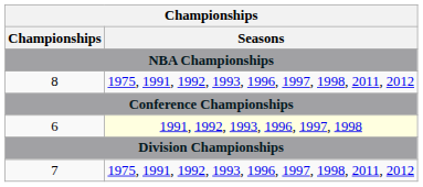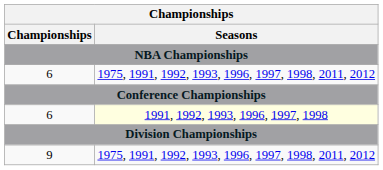 <table class="wikitable" style="text-align:center">
 <tr>
 <th colspan="2">Championships</th>
 </tr>
 <tr>
 <th>Championships</th>
 <th>Seasons</th>
 </tr>
 <tr>
 <th colspan="2" style="text-align:center; background:#A1A1A4; color:#061922;">NBA Championships</th>
 </tr>
 <tr>
-<td>8</td>
+<td>6</td>
 <td><a href='#'>1975</a>, <a href='#'>1991</a>, <a href='#'>1992</a>, <a href='#'>1993</a>, <a href='#'>1996</a>, <a href='#'>1997</a>, <a href='#'>1998</a>, <a href='#'>2011</a>, <a href='#'>2012</a></td>
 </tr>
 <tr>
 <th colspan="2" style="text-align:center; background:#A1A1A4; color:#061922;">Conference Championships</th>
 </tr>
 <tr>
 <td>6</td>
 <td style="background: lightyellow;"><a href='#'>1991</a>, <a href='#'>1992</a>, <a href='#'>1993</a>, <a href='#'>1996</a>, <a href='#'>1997</a>, <a href='#'>1998</a></td>
 </tr>
 <tr>
 <th colspan="2" style="text-align:center; background:#A1A1A4; color:#061922;">Division Championships</th>
 </tr>
 <tr>
-<td>7</td>
+<td>9</td>
 <td><a href='#'>1975</a>, <a href='#'>1991</a>, <a href='#'>1992</a>, <a href='#'>1993</a>, <a href='#'>1996</a>, <a href='#'>1997</a>, <a href='#'>1998</a>, <a href='#'>2011</a>, <a href='#'>2012</a></td>
 </tr>
 </table>
